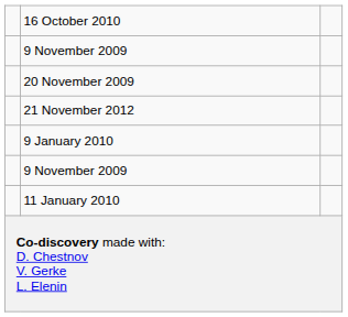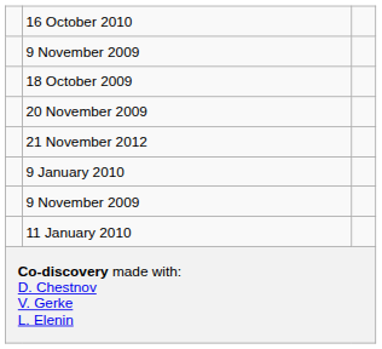 <table class="wikitable" style="font-size: 89%; float: left; width: 26em; margin-right: 1em; height: 336px;">
 <tr>
 <td></td>
 <td>16 October 2010</td>
 <td> </td>
 </tr>
 <tr>
 <td></td>
 <td>9 November 2009</td>
+<td> </td>
+</tr>
+<tr>
+<td></td>
+<td>18 October 2009</td>
 <td> </td>
 </tr>
 <tr>
 <td></td>
 <td>20 November 2009</td>
 <td> </td>
 </tr>
 <tr>
 <td></td>
 <td>21 November 2012</td>
 <td> </td>
 </tr>
 <tr>
 <td></td>
 <td>9 January 2010</td>
 <td> </td>
 </tr>
 <tr>
 <td></td>
 <td>9 November 2009</td>
 <td> </td>
 </tr>
 <tr>
 <td></td>
 <td>11 January 2010</td>
 <td> </td>
 </tr>
 <tr>
 <th colspan=3 style="font-weight: normal; text-align: left; padding: 4px 12px;"><strong>Co-discovery</strong> made with:<br> <a href='#'>D. Chestnov</a><br> <a href='#'>V. Gerke</a><br> <a href='#'>L. Elenin</a></th>
 </tr>
 </table>
